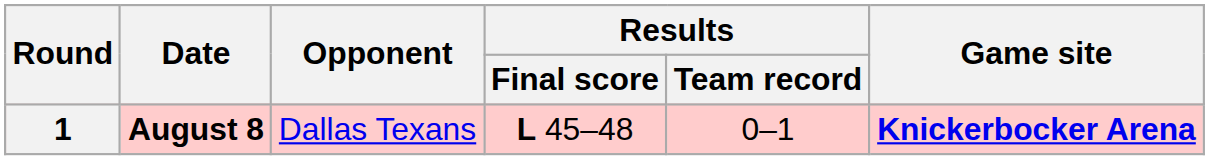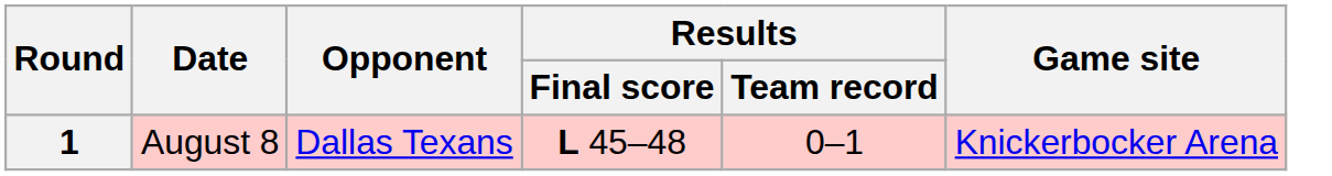 <table class="wikitable" style="font-size: 92%;" align="center">
 <tr>
 <th rowspan="2">Round</th>
 <th rowspan="2">Date</th>
 <th rowspan="2">Opponent</th>
 <th colspan="2">Results</th>
 <th rowspan="2">Game site</th>
 </tr>
 <tr>
 <th>Final score</th>
 <th>Team record</th>
 </tr>
 <tr style="background:#fcc">
 <th>1</th>
-<td style="text-align:center;"><strong>August 8</strong></td>
+<td style="text-align:center;">August 8</td>
 <td style="text-align:center;"><a href='#'>Dallas Texans</a></td>
 <td style="text-align:center;"><strong>L</strong> 45–48</td>
 <td style="text-align:center;">0–1</td>
-<td style="text-align:center;"><strong><a href='#'>Knickerbocker Arena</a></strong></td>
+<td style="text-align:center;"><a href='#'>Knickerbocker Arena</a></td>
 </tr>
 </table>
